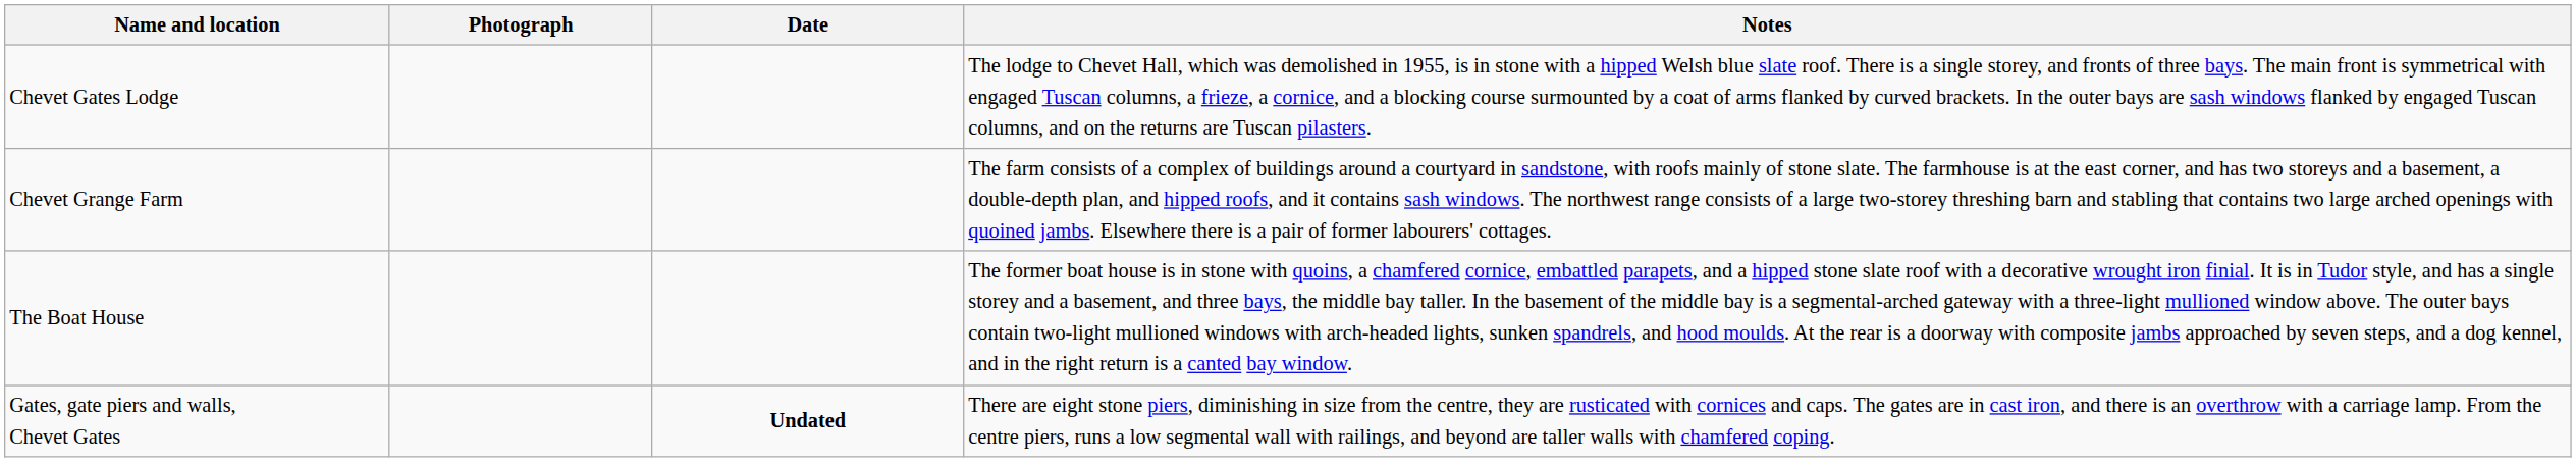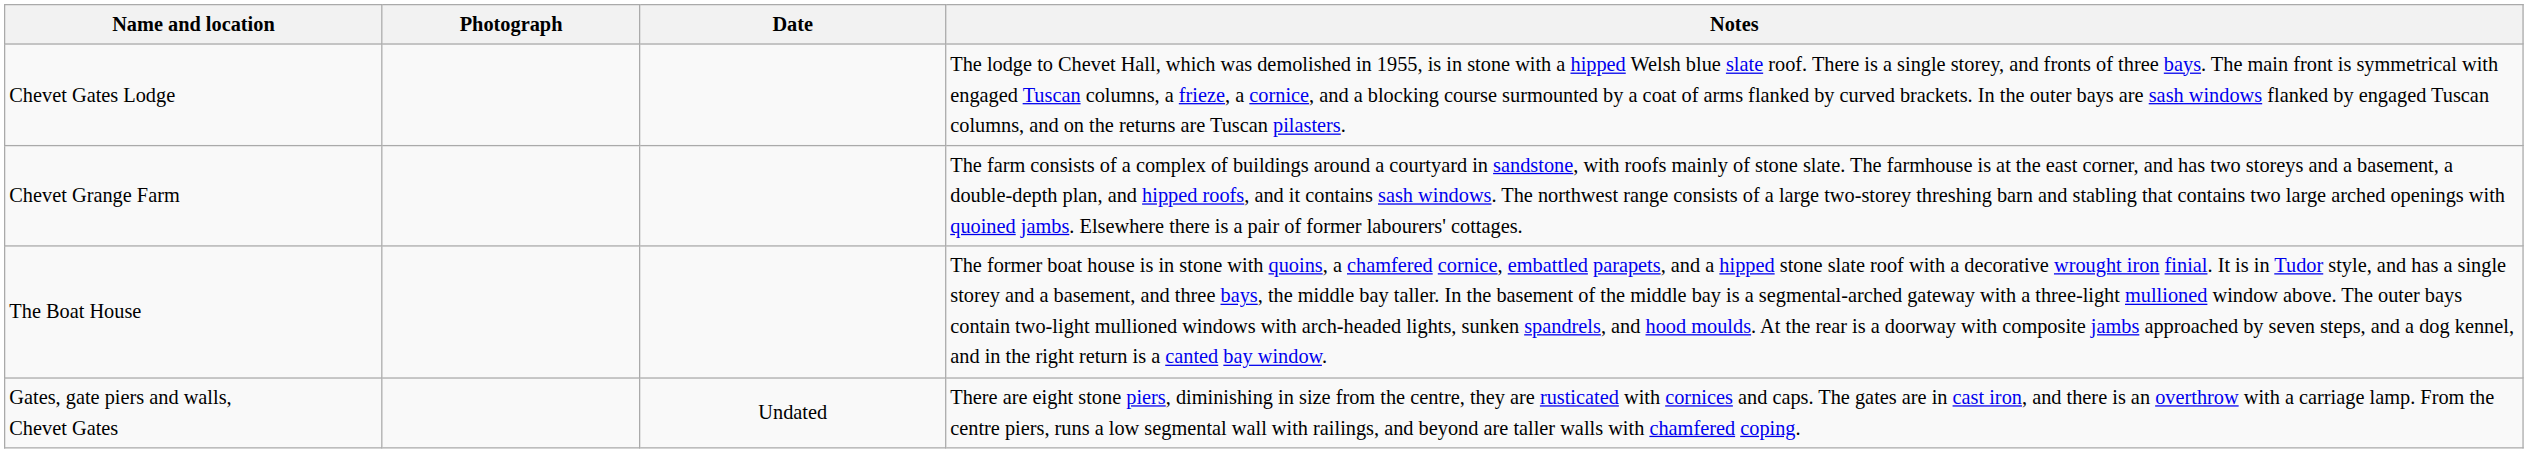 <table class="wikitable sortable plainrowheaders" style="width:100%;border:0px;text-align:left;line-height:150%;">
 <tr>
 <th scope="col"  style="width:150px">Name and location</th>
 <th scope="col"  style="width:100px" class="unsortable">Photograph</th>
 <th scope="col"  style="width:120px">Date</th>
 <th scope="col"  style="width:650px" class="unsortable">Notes</th>
 </tr>
 <tr>
 <td>Chevet Gates Lodge<br><small></small></td>
 <td></td>
 <td align="center"></td>
 <td>The lodge to Chevet Hall, which was demolished in 1955, is in stone with a <a href='#'>hipped</a> Welsh blue <a href='#'>slate</a> roof.  There is a single storey, and fronts of three <a href='#'>bays</a>.  The main front is symmetrical with engaged <a href='#'>Tuscan</a> columns, a <a href='#'>frieze</a>, a <a href='#'>cornice</a>, and a blocking course surmounted by a coat of arms flanked by curved brackets.  In the outer bays are <a href='#'>sash windows</a> flanked by engaged Tuscan columns, and on the returns are Tuscan <a href='#'>pilasters</a>.</td>
 </tr>
 <tr>
 <td>Chevet Grange Farm<br><small></small></td>
 <td></td>
 <td align="center"></td>
 <td>The farm consists of a complex of buildings around a courtyard in <a href='#'>sandstone</a>, with roofs mainly of stone slate.  The farmhouse is at the east corner, and has two storeys and a basement, a double-depth plan, and <a href='#'>hipped roofs</a>, and it contains <a href='#'>sash windows</a>.  The northwest range consists of a large two-storey threshing barn and stabling that contains two large arched openings with <a href='#'>quoined</a> <a href='#'>jambs</a>.  Elsewhere there is a pair of former labourers' cottages.</td>
 </tr>
 <tr>
 <td>The Boat House<br><small></small></td>
 <td></td>
 <td align="center"></td>
 <td>The former boat house is in stone with <a href='#'>quoins</a>, a <a href='#'>chamfered</a> <a href='#'>cornice</a>, <a href='#'>embattled</a> <a href='#'>parapets</a>, and a <a href='#'>hipped</a> stone slate roof with a decorative <a href='#'>wrought iron</a> <a href='#'>finial</a>.  It is in <a href='#'>Tudor</a> style, and has a single storey and a basement, and three <a href='#'>bays</a>, the middle bay taller.  In the basement of the middle bay is a segmental-arched gateway with a three-light <a href='#'>mullioned</a> window above.  The outer bays contain two-light mullioned windows with arch-headed lights, sunken <a href='#'>spandrels</a>, and <a href='#'>hood moulds</a>.  At the rear is a doorway with composite <a href='#'>jambs</a> approached by seven steps, and a dog kennel, and in the right return is a <a href='#'>canted</a> <a href='#'>bay window</a>.</td>
 </tr>
 <tr>
 <td>Gates, gate piers and walls,<br>Chevet Gates<br><small></small></td>
 <td></td>
-<td align="center"><strong>Undated</strong></td>
+<td align="center">Undated</td>
 <td>There are eight stone <a href='#'>piers</a>, diminishing in size from the centre, they are <a href='#'>rusticated</a> with <a href='#'>cornices</a> and caps.  The gates are in <a href='#'>cast iron</a>, and there is an <a href='#'>overthrow</a> with a carriage lamp.  From the centre piers, runs a low segmental wall with railings, and beyond are taller walls with <a href='#'>chamfered</a> <a href='#'>coping</a>.</td>
 </tr>
 <tr>
 </tr>
 </table>
